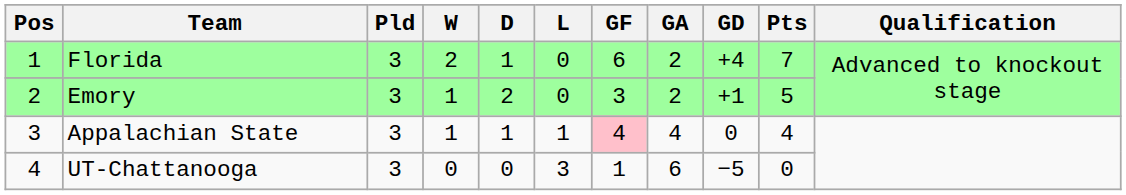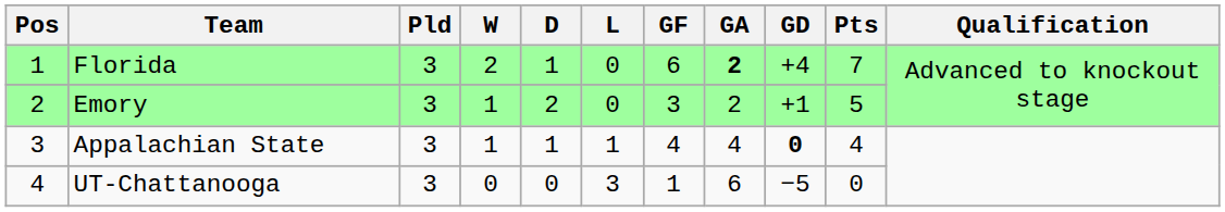 <table class="wikitable" style="text-align:center; margin: 1em auto">
 <tr>
 <th style="width:2em">Pos</th>
 <th style="width:13em">Team</th>
 <th style="width:2em">Pld</th>
 <th style="width:2em">W</th>
 <th style="width:2em">D</th>
 <th style="width:2em">L</th>
 <th style="width:2em">GF</th>
 <th style="width:2em">GA</th>
 <th style="width:2em">GD</th>
 <th style="width:2em">Pts</th>
 <th style="width:13em">Qualification</th>
 </tr>
 <tr bgcolor="#9eff9e">
 <td>1</td>
 <td style="text-align:left">Florida</td>
 <td>3</td>
 <td>2</td>
 <td>1</td>
 <td>0</td>
 <td>6</td>
-<td>2</td>
+<td><strong>2</strong></td>
 <td>+4</td>
 <td>7</td>
 <td rowspan="2">Advanced to knockout stage</td>
 </tr>
 <tr bgcolor="#9eff9e">
 <td>2</td>
 <td style="text-align:left">Emory</td>
 <td>3</td>
 <td>1</td>
 <td>2</td>
 <td>0</td>
 <td>3</td>
 <td>2</td>
 <td>+1</td>
 <td>5</td>
 </tr>
 <tr>
 <td>3</td>
 <td style="text-align:left">Appalachian State</td>
 <td>3</td>
 <td>1</td>
 <td>1</td>
 <td>1</td>
-<td style="background: pink;">4</td>
 <td>4</td>
-<td>0</td>
+<td>4</td>
+<td><strong>0</strong></td>
 <td>4</td>
 <td rowspan="2"></td>
 </tr>
 <tr>
 <td>4</td>
 <td style="text-align:left">UT-Chattanooga</td>
 <td>3</td>
 <td>0</td>
 <td>0</td>
 <td>3</td>
 <td>1</td>
 <td>6</td>
 <td>−5</td>
 <td>0</td>
 </tr>
 </table>
